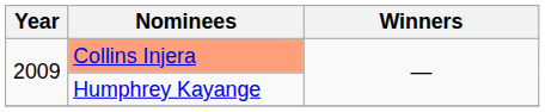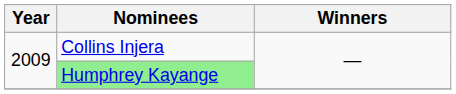 <table class="wikitable">
 <tr>
 <th width=40>Year</th>
 <th width=170>Nominees</th>
 <th width=170>Winners</th>
 </tr>
 <tr>
 <td align=center rowspan=2>2009</td>
-<td style="background: lightsalmon;"><a href='#'>Collins Injera</a></td>
+<td><a href='#'>Collins Injera</a></td>
 <td align=center rowspan=2>—</td>
 </tr>
 <tr>
-<td><a href='#'>Humphrey Kayange</a></td>
+<td style="background: lightgreen;"><a href='#'>Humphrey Kayange</a></td>
 </tr>
 <tr>
 </tr>
 </table>
